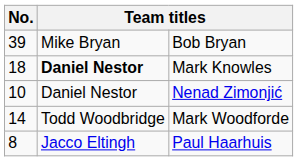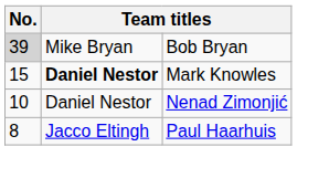 <table class="wikitable" style="display: inline-table;">
 <tr>
 <th width=20>No.</th>
 <th colspan=2>Team titles</th>
 </tr>
 <tr>
-<td>39</td>
+<td style="background: lightgrey;">39</td>
 <td> Mike Bryan</td>
 <td> Bob Bryan</td>
 </tr>
 <tr>
-<td>18</td>
+<td>15</td>
 <td><strong> Daniel Nestor</strong></td>
 <td> Mark Knowles</td>
 </tr>
 <tr>
 <td>10</td>
 <td> Daniel Nestor</td>
 <td> <a href='#'>Nenad Zimonjić</a></td>
 </tr>
 <tr>
-<td>14</td>
-<td> Todd Woodbridge</td>
-<td> Mark Woodforde</td>
-</tr>
-<tr>
 <td>8</td>
 <td> <a href='#'>Jacco Eltingh</a></td>
 <td> <a href='#'>Paul Haarhuis</a></td>
 </tr>
 </table>
